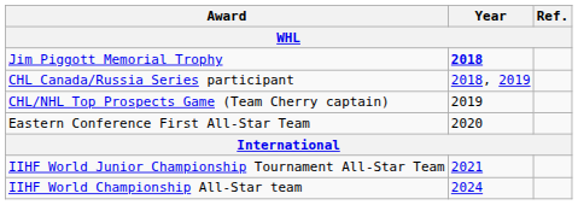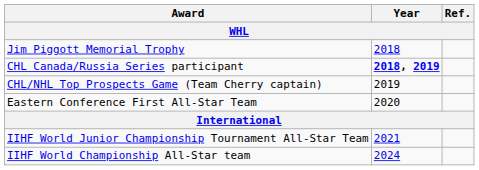 <table class="wikitable">
 <tr>
 <th>Award</th>
 <th>Year</th>
 <th>Ref.</th>
 </tr>
 <tr>
 <th colspan="3"><a href='#'>WHL</a></th>
 </tr>
 <tr>
 <td><a href='#'>Jim Piggott Memorial Trophy</a></td>
-<td><strong><a href='#'>2018</a></strong></td>
+<td><a href='#'>2018</a></td>
 <td></td>
 </tr>
 <tr>
 <td><a href='#'>CHL Canada/Russia Series</a> participant</td>
-<td><a href='#'>2018</a>, <a href='#'>2019</a></td>
+<td><strong><a href='#'>2018</a>, <a href='#'>2019</a></strong></td>
 <td></td>
 </tr>
 <tr>
 <td><a href='#'>CHL/NHL Top Prospects Game</a> (Team Cherry captain)</td>
 <td>2019</td>
 <td></td>
 </tr>
 <tr>
 <td>Eastern Conference First All-Star Team</td>
 <td>2020</td>
 <td></td>
 </tr>
 <tr>
 <th colspan="3"><a href='#'>International</a></th>
 </tr>
 <tr>
 <td><a href='#'>IIHF World Junior Championship</a> Tournament All-Star Team</td>
 <td><a href='#'>2021</a></td>
 <td></td>
 </tr>
 <tr>
 <td><a href='#'>IIHF World Championship</a> All-Star team</td>
 <td><a href='#'>2024</a></td>
 <td></td>
 </tr>
 </table>
